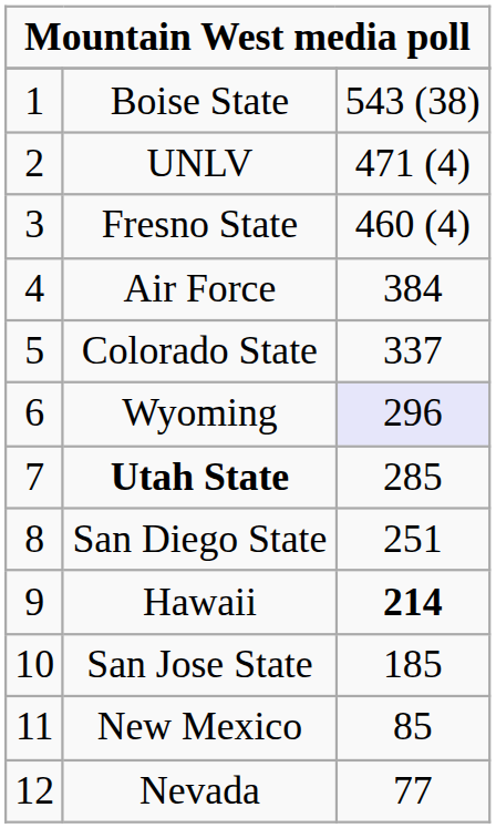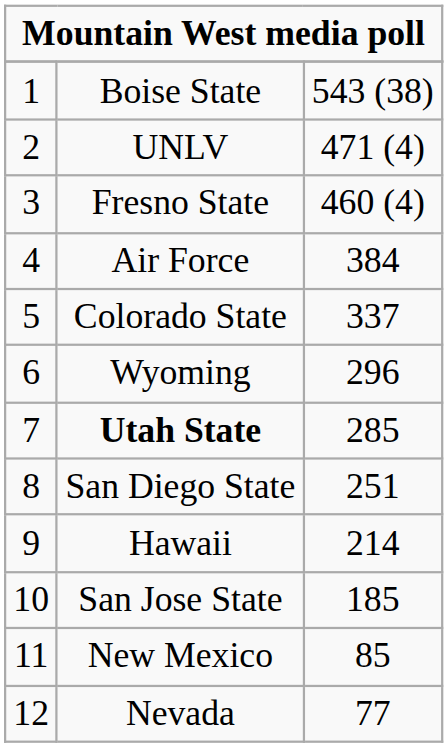 <table class="wikitable" style="display: inline-table;">
 <tr>
 <td align="center" Colspan="3"><strong>Mountain West media poll</strong></td>
 </tr>
 <tr align="center">
 </tr>
 <tr align="center">
 <td>1</td>
 <td>Boise State</td>
 <td>543 (38)</td>
 </tr>
 <tr align="center">
 <td>2</td>
 <td>UNLV</td>
 <td>471 (4)</td>
 </tr>
 <tr align="center">
 <td>3</td>
 <td>Fresno State</td>
 <td>460 (4)</td>
 </tr>
 <tr align="center">
 <td>4</td>
 <td>Air Force</td>
 <td>384</td>
 </tr>
 <tr align="center">
 <td>5</td>
 <td>Colorado State</td>
 <td>337</td>
 </tr>
 <tr align="center">
 <td>6</td>
 <td>Wyoming</td>
-<td style="background: lavender;">296</td>
+<td>296</td>
 </tr>
 <tr align="center">
 <td>7</td>
 <td><strong>Utah State</strong></td>
 <td>285</td>
 </tr>
 <tr align="center">
 <td>8</td>
 <td>San Diego State</td>
 <td>251</td>
 </tr>
 <tr align="center">
 <td>9</td>
 <td>Hawaii</td>
-<td><strong>214</strong></td>
+<td>214</td>
 </tr>
 <tr align="center">
 <td>10</td>
 <td>San Jose State</td>
 <td>185</td>
 </tr>
 <tr align="center">
 <td>11</td>
 <td>New Mexico</td>
 <td>85</td>
 </tr>
 <tr align="center">
 <td>12</td>
 <td>Nevada</td>
 <td>77</td>
 </tr>
 </table>
